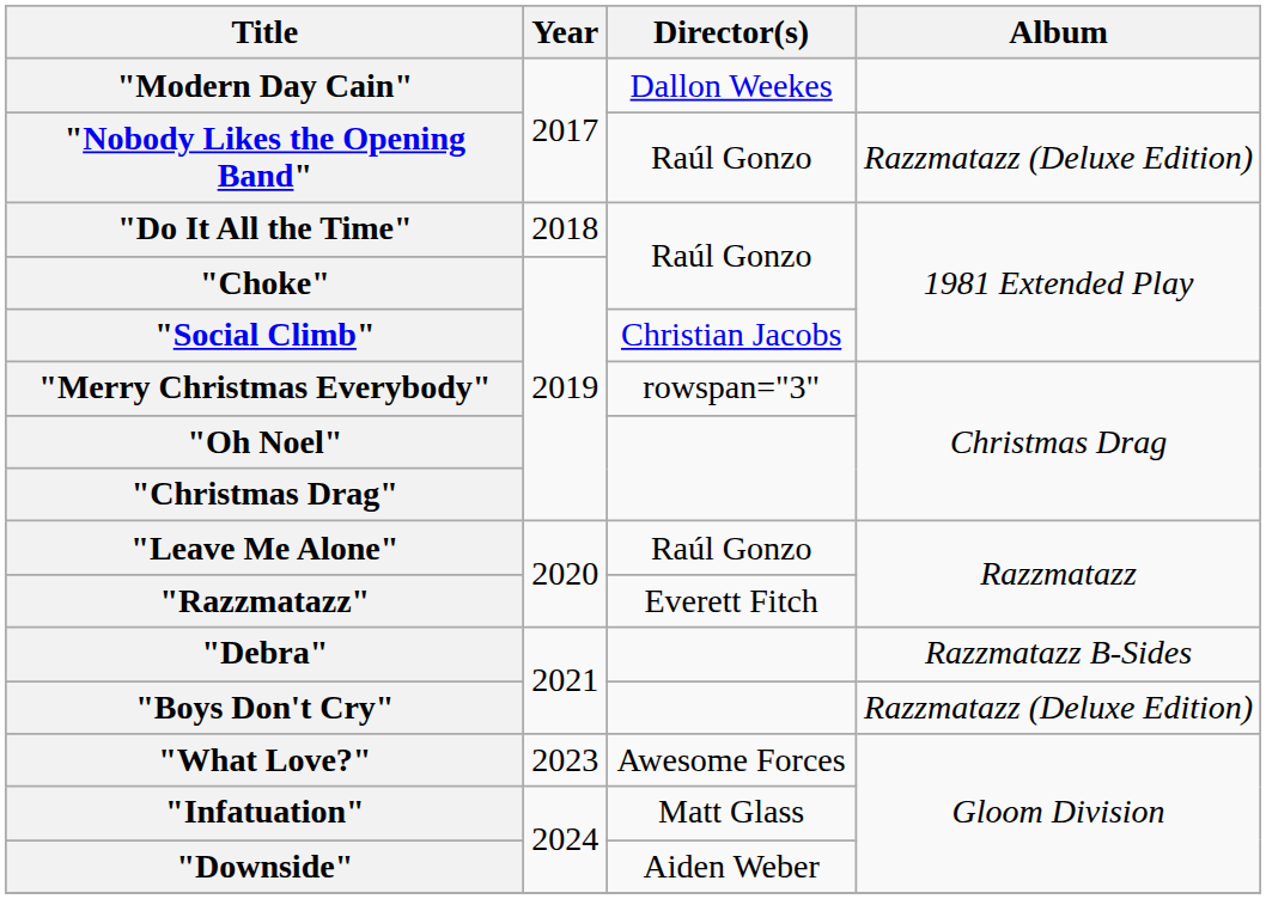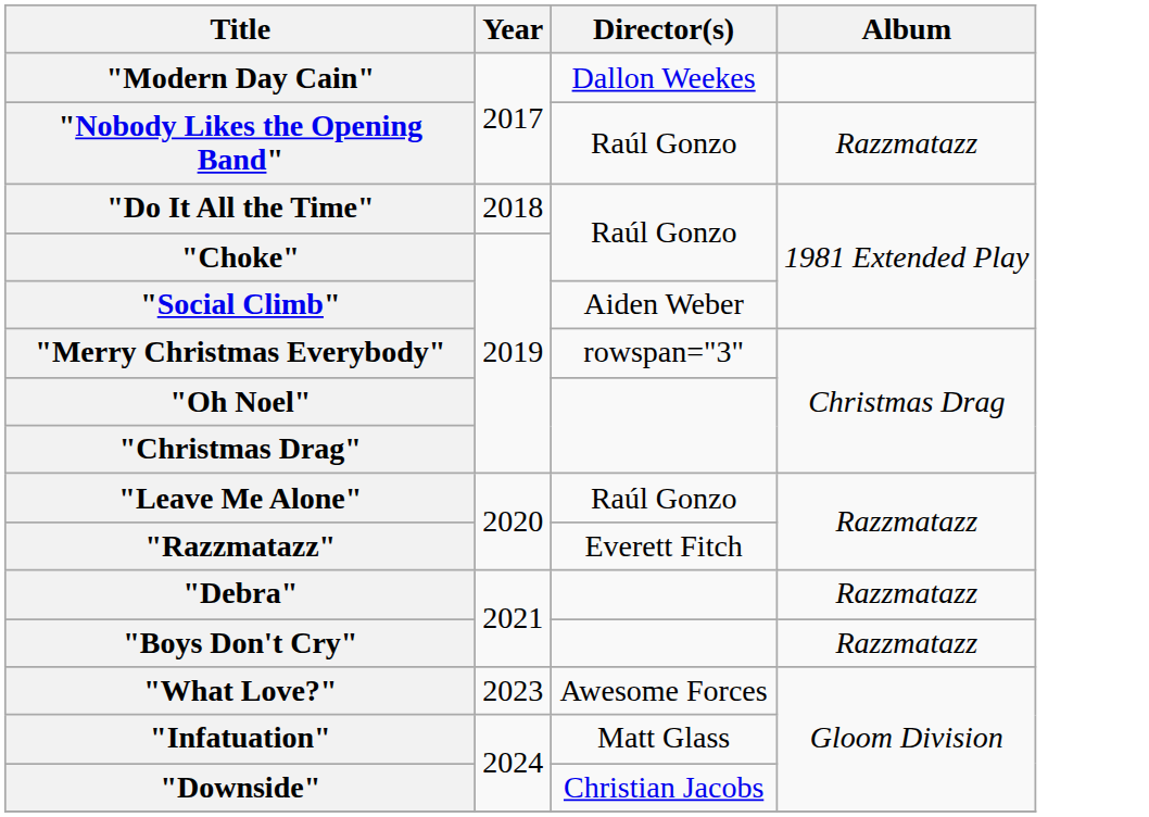 <table class="wikitable plainrowheaders" style="text-align:center;">
 <tr>
 <th scope="col" style="width:15em;">Title</th>
 <th scope="col">Year</th>
 <th scope="col" style="width:7em;">Director(s)</th>
 <th>Album</th>
 </tr>
 <tr>
 <th scope="row">"Modern Day Cain"</th>
 <td rowspan="2">2017</td>
 <td><a href='#'>Dallon Weekes</a></td>
 <td></td>
 </tr>
 <tr>
 <th scope="row">"<a href='#'>Nobody Likes the Opening Band</a>"</th>
 <td>Raúl Gonzo</td>
-<td><em>Razzmatazz (Deluxe Edition)</em></td>
+<td><em>Razzmatazz</em></td>
 </tr>
 <tr>
 <th scope="row">"Do It All the Time"</th>
 <td>2018</td>
 <td rowspan="2">Raúl Gonzo</td>
 <td rowspan="3"><em>1981 Extended Play</em></td>
 </tr>
 <tr>
 <th scope="row">"Choke"</th>
 <td rowspan="5">2019</td>
 </tr>
 <tr>
 <th scope="row">"<a href='#'>Social Climb</a>"</th>
-<td><a href='#'>Christian Jacobs</a></td>
+<td>Aiden Weber</td>
 </tr>
 <tr>
 <th scope="row">"Merry Christmas Everybody"</th>
 <td>rowspan="3" </td>
 <td rowspan="3"><em>Christmas Drag</em></td>
 </tr>
 <tr>
 <th scope="row">"Oh Noel"</th>
 </tr>
 <tr>
 <th scope="row">"Christmas Drag"</th>
 </tr>
 <tr>
 <th scope="row">"Leave Me Alone"</th>
 <td rowspan="2">2020</td>
 <td>Raúl Gonzo</td>
 <td rowspan="2"><em>Razzmatazz</em></td>
 </tr>
 <tr>
 <th scope="row">"Razzmatazz"</th>
 <td>Everett Fitch</td>
 </tr>
 <tr>
 <th scope="row">"Debra" </th>
 <td rowspan="2">2021</td>
 <td></td>
-<td><em>Razzmatazz B-Sides</em></td>
+<td><em>Razzmatazz</em></td>
 </tr>
 <tr>
 <th scope="row">"Boys Don't Cry" </th>
 <td></td>
-<td><em>Razzmatazz (Deluxe Edition)</em></td>
+<td><em>Razzmatazz</em></td>
 </tr>
 <tr>
 <th scope="row">"What Love?"</th>
 <td>2023</td>
 <td>Awesome Forces</td>
 <td rowspan="3"><em>Gloom Division</em></td>
 </tr>
 <tr>
 <th scope="row">"Infatuation"</th>
 <td rowspan="2">2024</td>
 <td>Matt Glass</td>
 </tr>
 <tr>
 <th scope="row">"Downside"</th>
-<td>Aiden Weber</td>
+<td><a href='#'>Christian Jacobs</a></td>
 </tr>
 <tr>
 </tr>
 </table>
